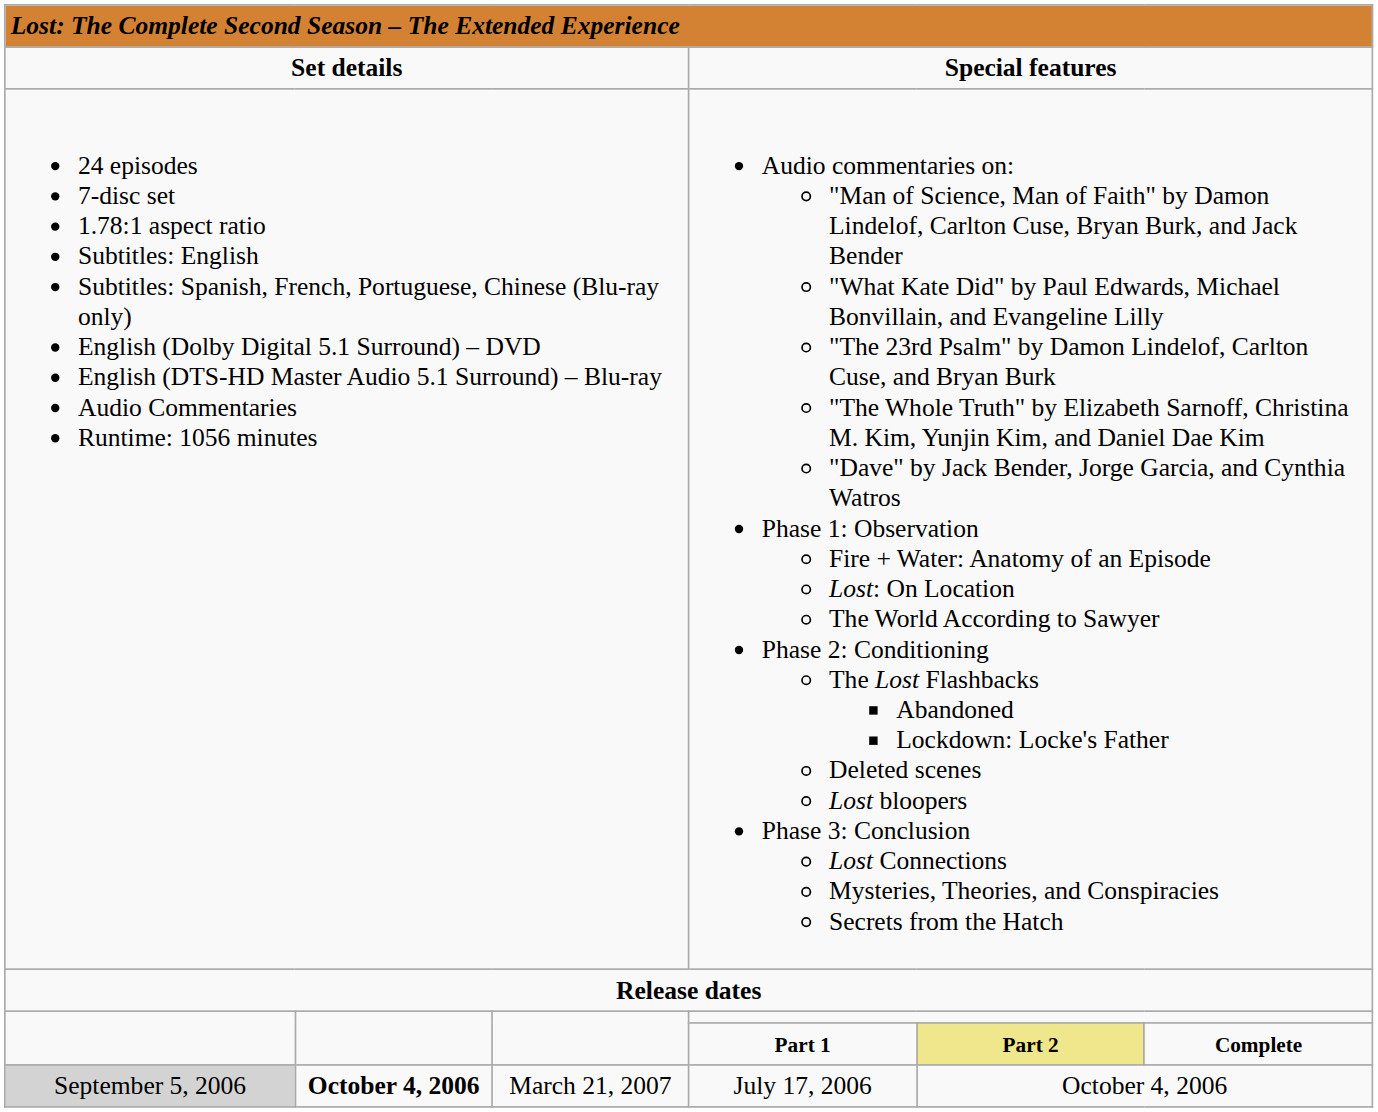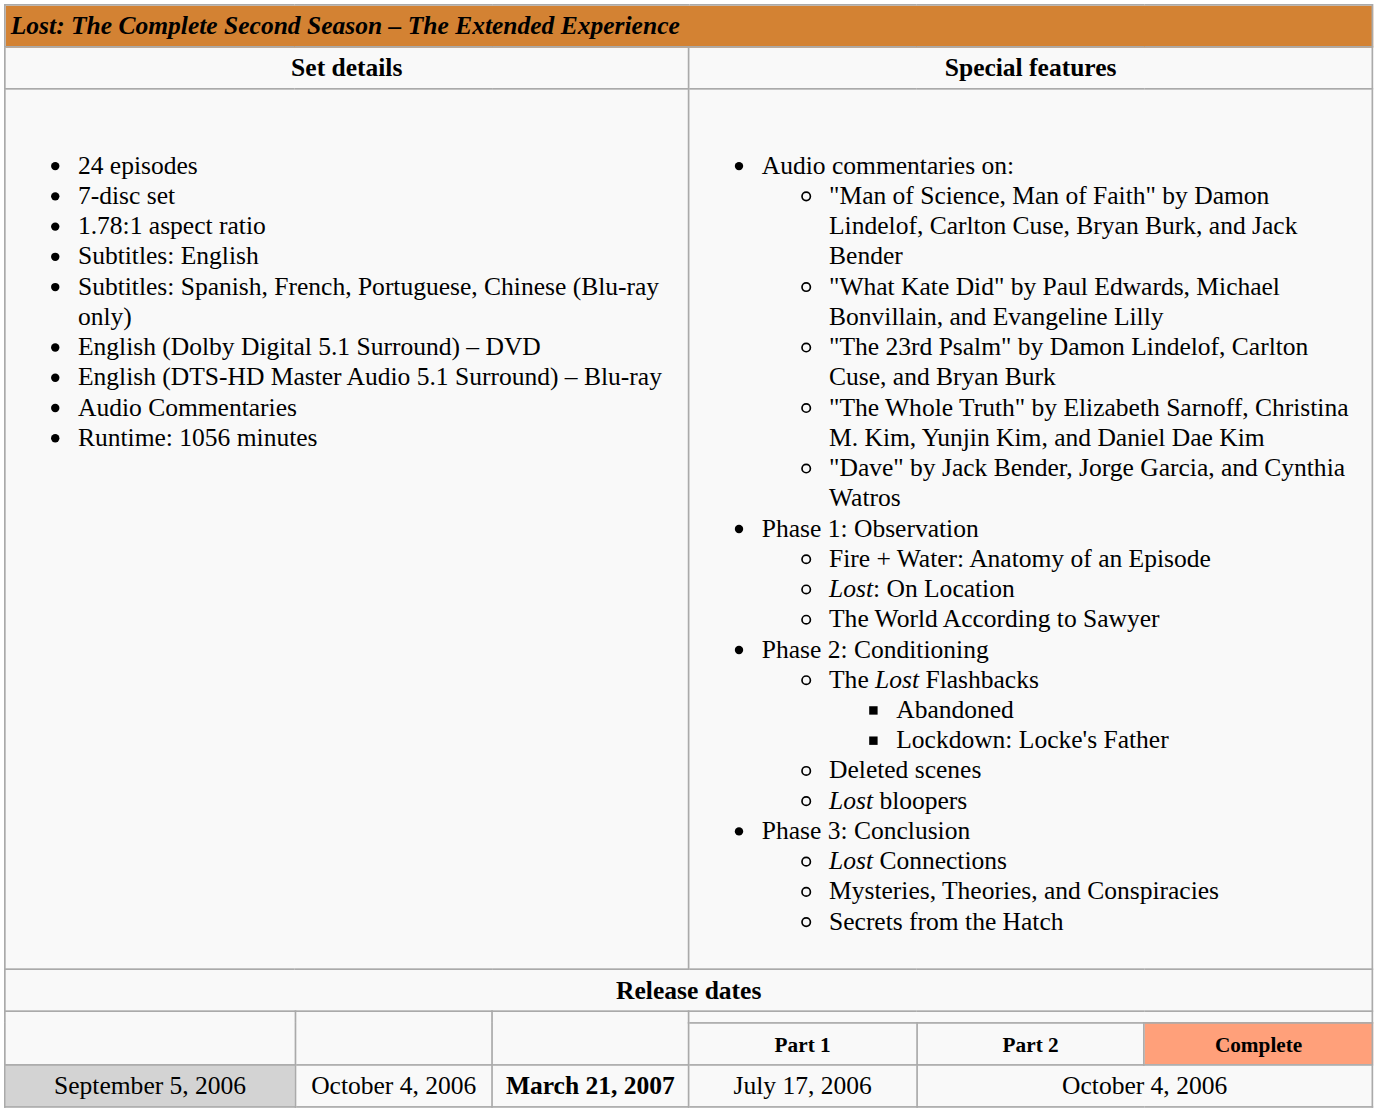 <table class="wikitable" style="font-size: 95%;">
 <tr style="background:#D38233">
 <td colspan="7"><span><strong><em>Lost: The Complete Second Season – The Extended Experience</em></strong></span></td>
 </tr>
 <tr valign="top">
 <td align="center" width="400" colspan="3"><strong>Set details</strong></td>
 <td width="400" align="center" colspan="3"><strong>Special features</strong></td>
 </tr>
 <tr valign="top">
 <td colspan="3" align="left" width="400"><br><ul><li>24 episodes</li><li>7-disc set</li><li>1.78:1 aspect ratio</li><li>Subtitles: English</li><li>Subtitles: Spanish, French, Portuguese, Chinese (Blu-ray only)</li><li>English (Dolby Digital 5.1 Surround) – DVD</li><li>English (DTS-HD Master Audio 5.1 Surround) – Blu-ray</li><li>Audio Commentaries</li><li>Runtime: 1056 minutes</li></ul></td>
 <td colspan="3" align="left" width="400"><br><ul><li>Audio commentaries on:<ul><li>"Man of Science, Man of Faith" by Damon Lindelof, Carlton Cuse, Bryan Burk, and Jack Bender</li><li>"What Kate Did" by Paul Edwards, Michael Bonvillain, and Evangeline Lilly</li><li>"The 23rd Psalm" by Damon Lindelof, Carlton Cuse, and Bryan Burk</li><li>"The Whole Truth" by Elizabeth Sarnoff, Christina M. Kim, Yunjin Kim, and Daniel Dae Kim</li><li>"Dave" by Jack Bender, Jorge Garcia, and Cynthia Watros</li></ul></li><li>Phase 1: Observation<ul><li>Fire + Water: Anatomy of an Episode</li><li><em>Lost</em>: On Location</li><li>The World According to Sawyer</li></ul></li><li>Phase 2: Conditioning<ul><li>The <em>Lost</em> Flashbacks<ul><li>Abandoned</li><li>Lockdown: Locke's Father</li></ul></li><li>Deleted scenes</li><li><em>Lost</em> bloopers</li></ul></li><li>Phase 3: Conclusion<ul><li><em>Lost</em> Connections</li><li>Mysteries, Theories, and Conspiracies</li><li>Secrets from the Hatch</li></ul></li></ul></td>
 </tr>
 <tr>
 <td colspan="6" align="center"><strong>Release dates</strong></td>
 </tr>
 <tr>
 <td align="center" rowspan="2"><br></td>
 <td align="center" rowspan="2"><br></td>
 <td align="center" rowspan="2"></td>
 <td width="400" align="center" colspan="3"></td>
 </tr>
 <tr style="height:5px">
 <td align="center" width="100"><small><strong>Part 1</strong></small></td>
-<td align="center" width="100" style="background: khaki;"><small><strong>Part 2</strong></small></td>
-<td align="center" width="100"><small><strong>Complete</strong></small></td>
+<td align="center" width="100"><small><strong>Part 2</strong></small></td>
+<td align="center" width="100" style="background: lightsalmon;"><small><strong>Complete</strong></small></td>
 </tr>
 <tr>
 <td align="center" style="background: lightgrey;">September 5, 2006</td>
-<td align="center" width="110"><strong>October 4, 2006</strong></td>
-<td align="center" width="110">March 21, 2007</td>
+<td align="center" width="110">October 4, 2006</td>
+<td align="center" width="110"><strong>March 21, 2007</strong></td>
 <td align="center" width="100">July 17, 2006</td>
 <td align="center" colspan="2">October 4, 2006</td>
 </tr>
 </table>
